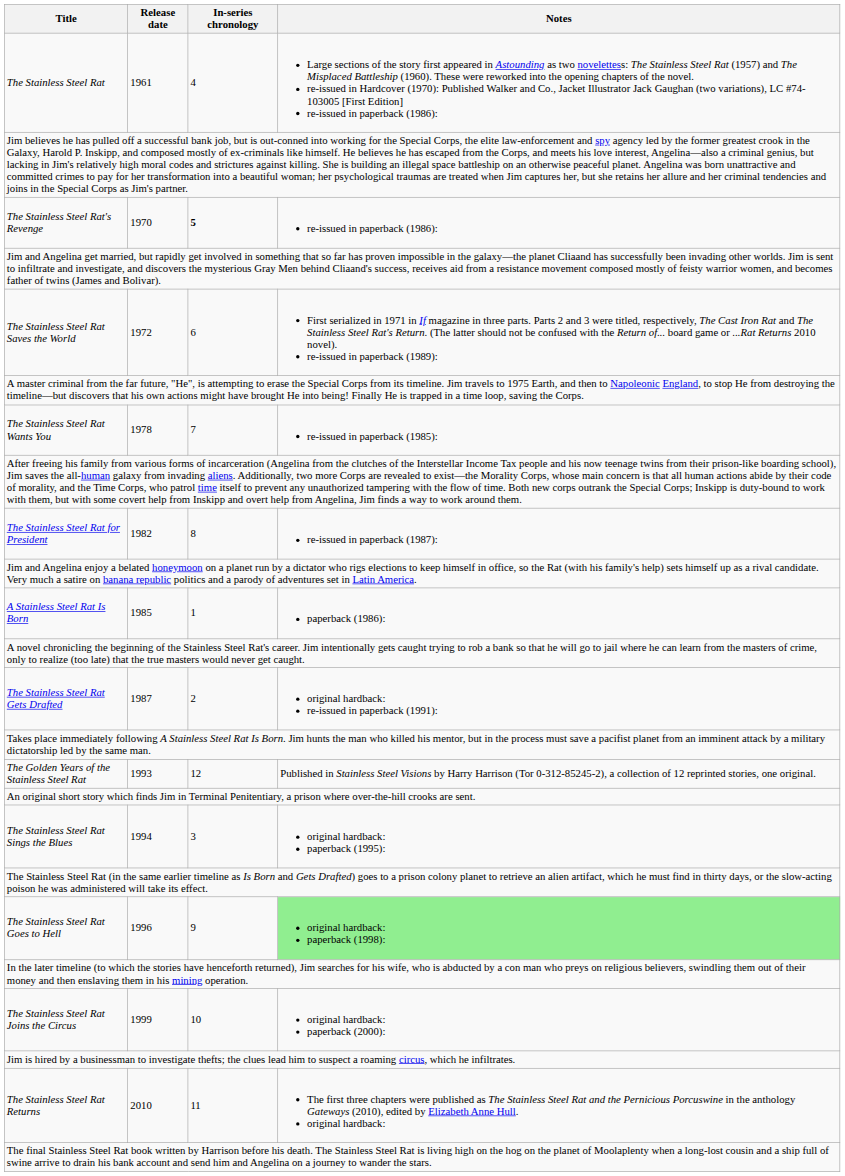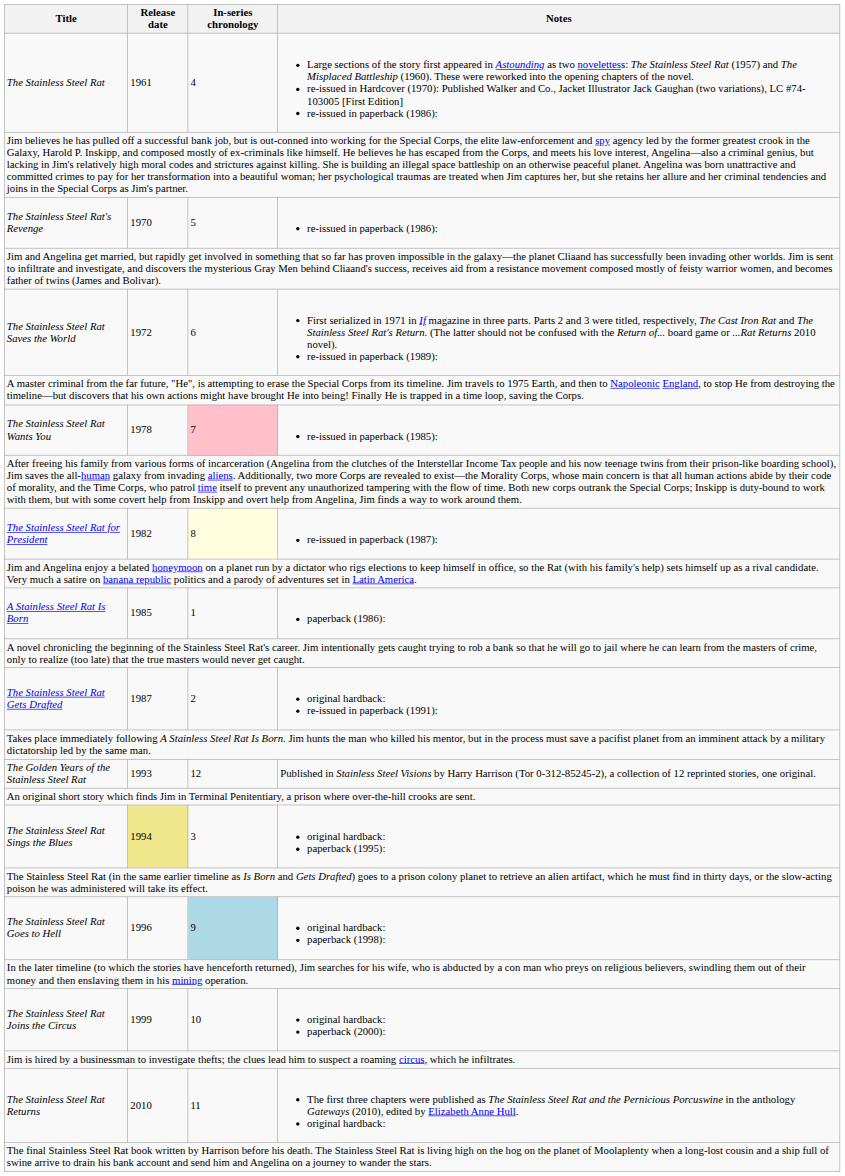 <table class="wikitable">
 <tr>
 <th>Title</th>
 <th>Release date</th>
 <th>In-series chronology</th>
 <th>Notes</th>
 </tr>
 <tr>
 <td><em>The Stainless Steel Rat</em></td>
 <td>1961</td>
 <td>4</td>
 <td><br><ul><li>Large sections of the story first appeared in <em><a href='#'>Astounding</a></em> as two <a href='#'>novelettes</a>s: <em>The Stainless Steel Rat</em> (1957) and <em>The Misplaced Battleship</em> (1960). These were reworked into the opening chapters of the novel.</li><li>re-issued in Hardcover (1970): Published Walker and Co., Jacket Illustrator Jack Gaughan (two variations), LC #74-103005 [First Edition]</li><li>re-issued in paperback (1986): </li></ul></td>
 </tr>
 <tr>
 <td colspan="4">Jim believes he has pulled off a successful bank job, but is out-conned into working for the Special Corps, the elite law-enforcement and <a href='#'>spy</a> agency led by the former greatest crook in the Galaxy, Harold P. Inskipp, and composed mostly of ex-criminals like himself. He believes he has escaped from the Corps, and meets his love interest, Angelina—also a criminal genius, but lacking in Jim's relatively high moral codes and strictures against killing. She is building an illegal space battleship on an otherwise peaceful planet. Angelina was born unattractive and committed crimes to pay for her transformation into a beautiful woman; her psychological traumas are treated when Jim captures her, but she retains her allure and her criminal tendencies and joins in the Special Corps as Jim's partner.</td>
 </tr>
 <tr>
 <td><em>The Stainless Steel Rat's Revenge</em></td>
 <td>1970</td>
-<td><strong>5</strong></td>
+<td>5</td>
 <td><br><ul><li>re-issued in paperback (1986): </li></ul></td>
 </tr>
 <tr>
 <td colspan="4">Jim and Angelina get married, but rapidly get involved in something that so far has proven impossible in the galaxy—the planet Cliaand has successfully been invading other worlds. Jim is sent to infiltrate and investigate, and discovers the mysterious Gray Men behind Cliaand's success, receives aid from a resistance movement composed mostly of feisty warrior women, and becomes father of twins (James and Bolivar).</td>
 </tr>
 <tr>
 <td><em>The Stainless Steel Rat Saves the World</em></td>
 <td>1972</td>
 <td>6</td>
 <td><br><ul><li>First serialized in 1971 in <a href='#'><em>If</em></a> magazine in three parts. Parts 2 and 3 were titled, respectively, <em>The Cast Iron Rat</em> and <em>The Stainless Steel Rat's Return</em>. (The latter should not be confused with the <em>Return of...</em> board game or <em>...Rat Returns</em> 2010 novel).</li><li>re-issued in paperback (1989): </li></ul></td>
 </tr>
 <tr>
 <td colspan="4">A master criminal from the far future, "He", is attempting to erase the Special Corps from its timeline. Jim travels to 1975 Earth, and then to <a href='#'>Napoleonic</a> <a href='#'>England</a>, to stop He from destroying the timeline—but discovers that his own actions might have brought He into being! Finally He is trapped in a time loop, saving the Corps.</td>
 </tr>
 <tr>
 <td><em>The Stainless Steel Rat Wants You</em></td>
 <td>1978</td>
-<td>7</td>
+<td style="background: pink;">7</td>
 <td><br><ul><li>re-issued in paperback (1985): </li></ul></td>
 </tr>
 <tr>
 <td colspan="4">After freeing his family from various forms of incarceration (Angelina from the clutches of the Interstellar Income Tax people and his now teenage twins from their prison-like boarding school), Jim saves the all-<a href='#'>human</a> galaxy from invading <a href='#'>aliens</a>. Additionally, two more Corps are revealed to exist—the Morality Corps, whose main concern is that all human actions abide by their code of morality, and the Time Corps, who patrol <a href='#'>time</a> itself to prevent any unauthorized tampering with the flow of time. Both new corps outrank the Special Corps; Inskipp is duty-bound to work with them, but with some covert help from Inskipp and overt help from Angelina, Jim finds a way to work around them.</td>
 </tr>
 <tr>
 <td><em><a href='#'>The Stainless Steel Rat for President</a></em></td>
 <td>1982</td>
-<td>8</td>
+<td style="background: lightyellow;">8</td>
 <td><br><ul><li>re-issued in paperback (1987): </li></ul></td>
 </tr>
 <tr>
 <td colspan="4">Jim and Angelina enjoy a belated <a href='#'>honeymoon</a> on a planet run by a dictator who rigs elections to keep himself in office, so the Rat (with his family's help) sets himself up as a rival candidate. Very much a satire on <a href='#'>banana republic</a> politics and a parody of adventures set in <a href='#'>Latin America</a>.</td>
 </tr>
 <tr>
 <td><em><a href='#'>A Stainless Steel Rat Is Born</a></em></td>
 <td>1985</td>
 <td>1</td>
 <td><br><ul><li>paperback (1986): </li></ul></td>
 </tr>
 <tr>
 <td colspan="4">A novel chronicling the beginning of the Stainless Steel Rat's career. Jim intentionally gets caught trying to rob a bank so that he will go to jail where he can learn from the masters of crime, only to realize (too late) that the true masters would never get caught.</td>
 </tr>
 <tr>
 <td><em><a href='#'>The Stainless Steel Rat Gets Drafted</a></em></td>
 <td>1987</td>
 <td>2</td>
 <td><br><ul><li>original hardback: </li><li>re-issued in paperback (1991): </li></ul></td>
 </tr>
 <tr>
 <td colspan="4">Takes place immediately following <em>A Stainless Steel Rat Is Born</em>. Jim hunts the man who killed his mentor, but in the process must save a pacifist planet from an imminent attack by a military dictatorship led by the same man.</td>
 </tr>
 <tr>
 <td><em>The Golden Years of the Stainless Steel Rat</em></td>
 <td>1993</td>
 <td>12</td>
 <td>Published in <em>Stainless Steel Visions</em> by Harry Harrison (Tor 0-312-85245-2), a collection of 12 reprinted stories, one original.</td>
 </tr>
 <tr>
 <td colspan="4">An original short story which finds Jim in Terminal Penitentiary, a prison where over-the-hill crooks are sent.</td>
 </tr>
 <tr>
 <td><em>The Stainless Steel Rat Sings the Blues</em></td>
-<td>1994</td>
+<td style="background: khaki;">1994</td>
 <td>3</td>
 <td><br><ul><li>original hardback: </li><li>paperback (1995): </li></ul></td>
 </tr>
 <tr>
 <td colspan="4">The Stainless Steel Rat (in the same earlier timeline as <em>Is Born</em> and <em>Gets Drafted</em>) goes to a prison colony planet to retrieve an alien artifact, which he must find in thirty days, or the slow-acting poison he was administered will take its effect.</td>
 </tr>
 <tr>
 <td><em>The Stainless Steel Rat Goes to Hell</em></td>
 <td>1996</td>
-<td>9</td>
-<td style="background: lightgreen;"><br><ul><li>original hardback: </li><li>paperback (1998): </li></ul></td>
+<td style="background: lightblue;">9</td>
+<td><br><ul><li>original hardback: </li><li>paperback (1998): </li></ul></td>
 </tr>
 <tr>
 <td colspan="4">In the later timeline (to which the stories have henceforth returned), Jim searches for his wife, who is abducted by a con man who preys on religious believers, swindling them out of their money and then enslaving them in his <a href='#'>mining</a> operation.</td>
 </tr>
 <tr>
 <td><em>The Stainless Steel Rat Joins the Circus</em></td>
 <td>1999</td>
 <td>10</td>
 <td><br><ul><li>original hardback: </li><li>paperback (2000): </li></ul></td>
 </tr>
 <tr>
 <td colspan="4">Jim is hired by a businessman to investigate thefts; the clues lead him to suspect a roaming <a href='#'>circus</a>, which he infiltrates.</td>
 </tr>
 <tr>
 <td><em>The Stainless Steel Rat Returns</em></td>
 <td>2010</td>
 <td>11</td>
 <td><br><ul><li>The first three chapters were published as <em>The Stainless Steel Rat and the Pernicious Porcuswine</em> in the anthology <em>Gateways</em> (2010), edited by <a href='#'>Elizabeth Anne Hull</a>.</li><li>original hardback: </li></ul></td>
 </tr>
 <tr>
 <td colspan="4">The final Stainless Steel Rat book written by Harrison before his death. The Stainless Steel Rat is living high on the hog on the planet of Moolaplenty when a long-lost cousin and a ship full of swine arrive to drain his bank account and send him and Angelina on a journey to wander the stars.</td>
 </tr>
 </table>
